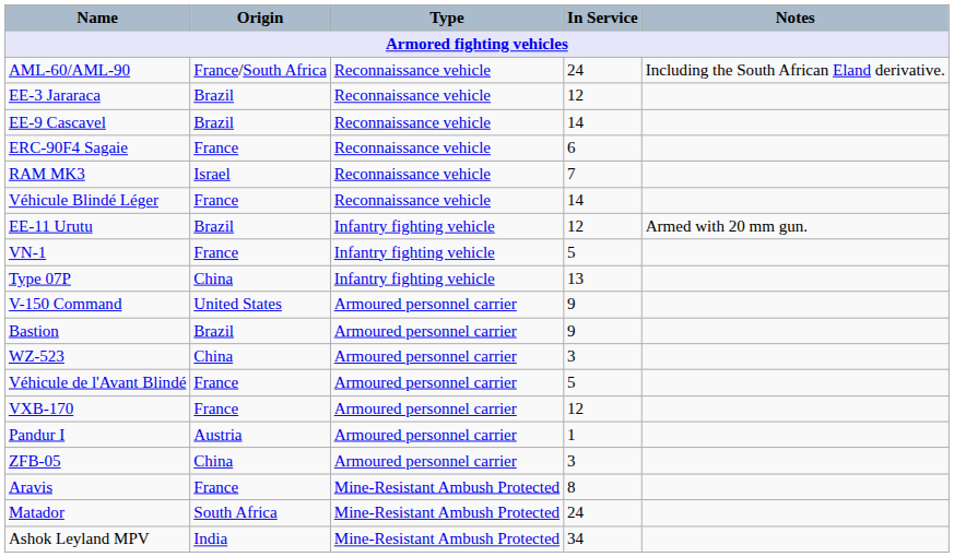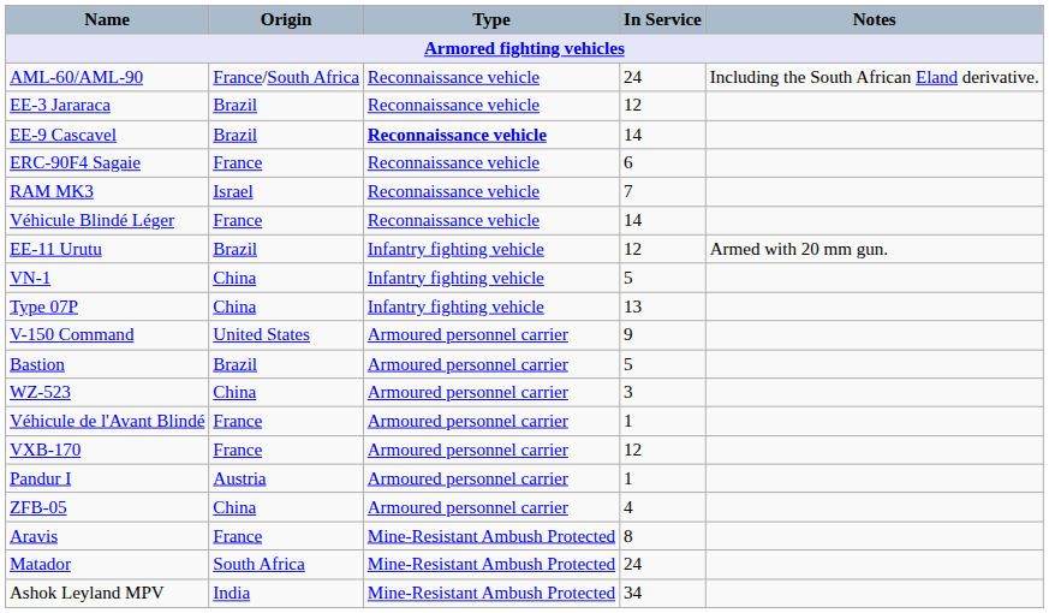 <table class="wikitable">
 <tr>
 <th style="text-align:center; background:#aabccc;">Name</th>
 <th style="text-align:center; background:#aabccc;">Origin</th>
 <th style="text-align:center; background:#aabccc;">Type</th>
 <th style="text-align:center; background:#aabccc;">In Service</th>
 <th style="text-align:center; background:#aabccc;">Notes</th>
 </tr>
 <tr>
 <th style="align: center! ; background: lavender;" colspan="7"><a href='#'>Armored fighting vehicles</a></th>
 </tr>
 <tr>
 <td><a href='#'>AML-60/AML-90</a></td>
 <td><a href='#'>France</a>/<a href='#'>South Africa</a></td>
 <td><a href='#'>Reconnaissance vehicle</a></td>
 <td>24</td>
 <td>Including the South African <a href='#'>Eland</a> derivative.</td>
 </tr>
 <tr>
 <td><a href='#'>EE-3 Jararaca</a></td>
 <td><a href='#'>Brazil</a></td>
 <td><a href='#'>Reconnaissance vehicle</a></td>
 <td>12</td>
 <td></td>
 </tr>
 <tr>
 <td><a href='#'>EE-9 Cascavel</a></td>
 <td><a href='#'>Brazil</a></td>
-<td><a href='#'>Reconnaissance vehicle</a></td>
+<td><strong><a href='#'>Reconnaissance vehicle</a></strong></td>
 <td>14</td>
 <td></td>
 </tr>
 <tr>
 <td><a href='#'>ERC-90F4 Sagaie</a></td>
 <td><a href='#'>France</a></td>
 <td><a href='#'>Reconnaissance vehicle</a></td>
 <td>6</td>
 <td></td>
 </tr>
 <tr>
 <td><a href='#'>RAM MK3</a></td>
 <td><a href='#'>Israel</a></td>
 <td><a href='#'>Reconnaissance vehicle</a></td>
 <td>7</td>
 <td></td>
 </tr>
 <tr>
 <td><a href='#'>Véhicule Blindé Léger</a></td>
 <td><a href='#'>France</a></td>
 <td><a href='#'>Reconnaissance vehicle</a></td>
 <td>14</td>
 <td></td>
 </tr>
 <tr>
 <td><a href='#'>EE-11 Urutu</a></td>
 <td><a href='#'>Brazil</a></td>
 <td><a href='#'>Infantry fighting vehicle</a></td>
 <td>12</td>
 <td>Armed with 20 mm gun.</td>
 </tr>
 <tr>
 <td><a href='#'>VN-1</a></td>
-<td><a href='#'>France</a></td>
+<td><a href='#'>China</a></td>
 <td><a href='#'>Infantry fighting vehicle</a></td>
 <td>5</td>
 <td></td>
 </tr>
 <tr>
 <td><a href='#'>Type 07P</a></td>
 <td><a href='#'>China</a></td>
 <td><a href='#'>Infantry fighting vehicle</a></td>
 <td>13</td>
 <td></td>
 </tr>
 <tr>
 <td><a href='#'>V-150 Command</a></td>
 <td><a href='#'>United States</a></td>
 <td><a href='#'>Armoured personnel carrier</a></td>
 <td>9</td>
 <td></td>
 </tr>
 <tr>
 <td><a href='#'>Bastion</a></td>
 <td><a href='#'>Brazil</a></td>
 <td><a href='#'>Armoured personnel carrier</a></td>
-<td>9</td>
+<td>5</td>
 <td></td>
 </tr>
 <tr>
 <td><a href='#'>WZ-523</a></td>
 <td><a href='#'>China</a></td>
 <td><a href='#'>Armoured personnel carrier</a></td>
 <td>3</td>
 <td></td>
 </tr>
 <tr>
 <td><a href='#'>Véhicule de l'Avant Blindé</a></td>
 <td><a href='#'>France</a></td>
 <td><a href='#'>Armoured personnel carrier</a></td>
-<td>5</td>
+<td>1</td>
 <td></td>
 </tr>
 <tr>
 <td><a href='#'>VXB-170</a></td>
 <td><a href='#'>France</a></td>
 <td><a href='#'>Armoured personnel carrier</a></td>
 <td>12</td>
 <td></td>
 </tr>
 <tr>
 <td><a href='#'>Pandur I</a></td>
 <td><a href='#'>Austria</a></td>
 <td><a href='#'>Armoured personnel carrier</a></td>
 <td>1</td>
 <td></td>
 </tr>
 <tr>
 <td><a href='#'>ZFB-05</a></td>
 <td><a href='#'>China</a></td>
 <td><a href='#'>Armoured personnel carrier</a></td>
-<td>3</td>
+<td>4</td>
 <td></td>
 </tr>
 <tr>
 <td><a href='#'>Aravis</a></td>
 <td><a href='#'>France</a></td>
 <td><a href='#'>Mine-Resistant Ambush Protected</a></td>
 <td>8</td>
 <td></td>
 </tr>
 <tr>
 <td><a href='#'>Matador</a></td>
 <td><a href='#'>South Africa</a></td>
 <td><a href='#'>Mine-Resistant Ambush Protected</a></td>
 <td>24</td>
 <td></td>
 </tr>
 <tr>
 <td>Ashok Leyland MPV</td>
 <td><a href='#'>India</a></td>
 <td><a href='#'>Mine-Resistant Ambush Protected</a></td>
 <td>34</td>
 <td></td>
 </tr>
 </table>
